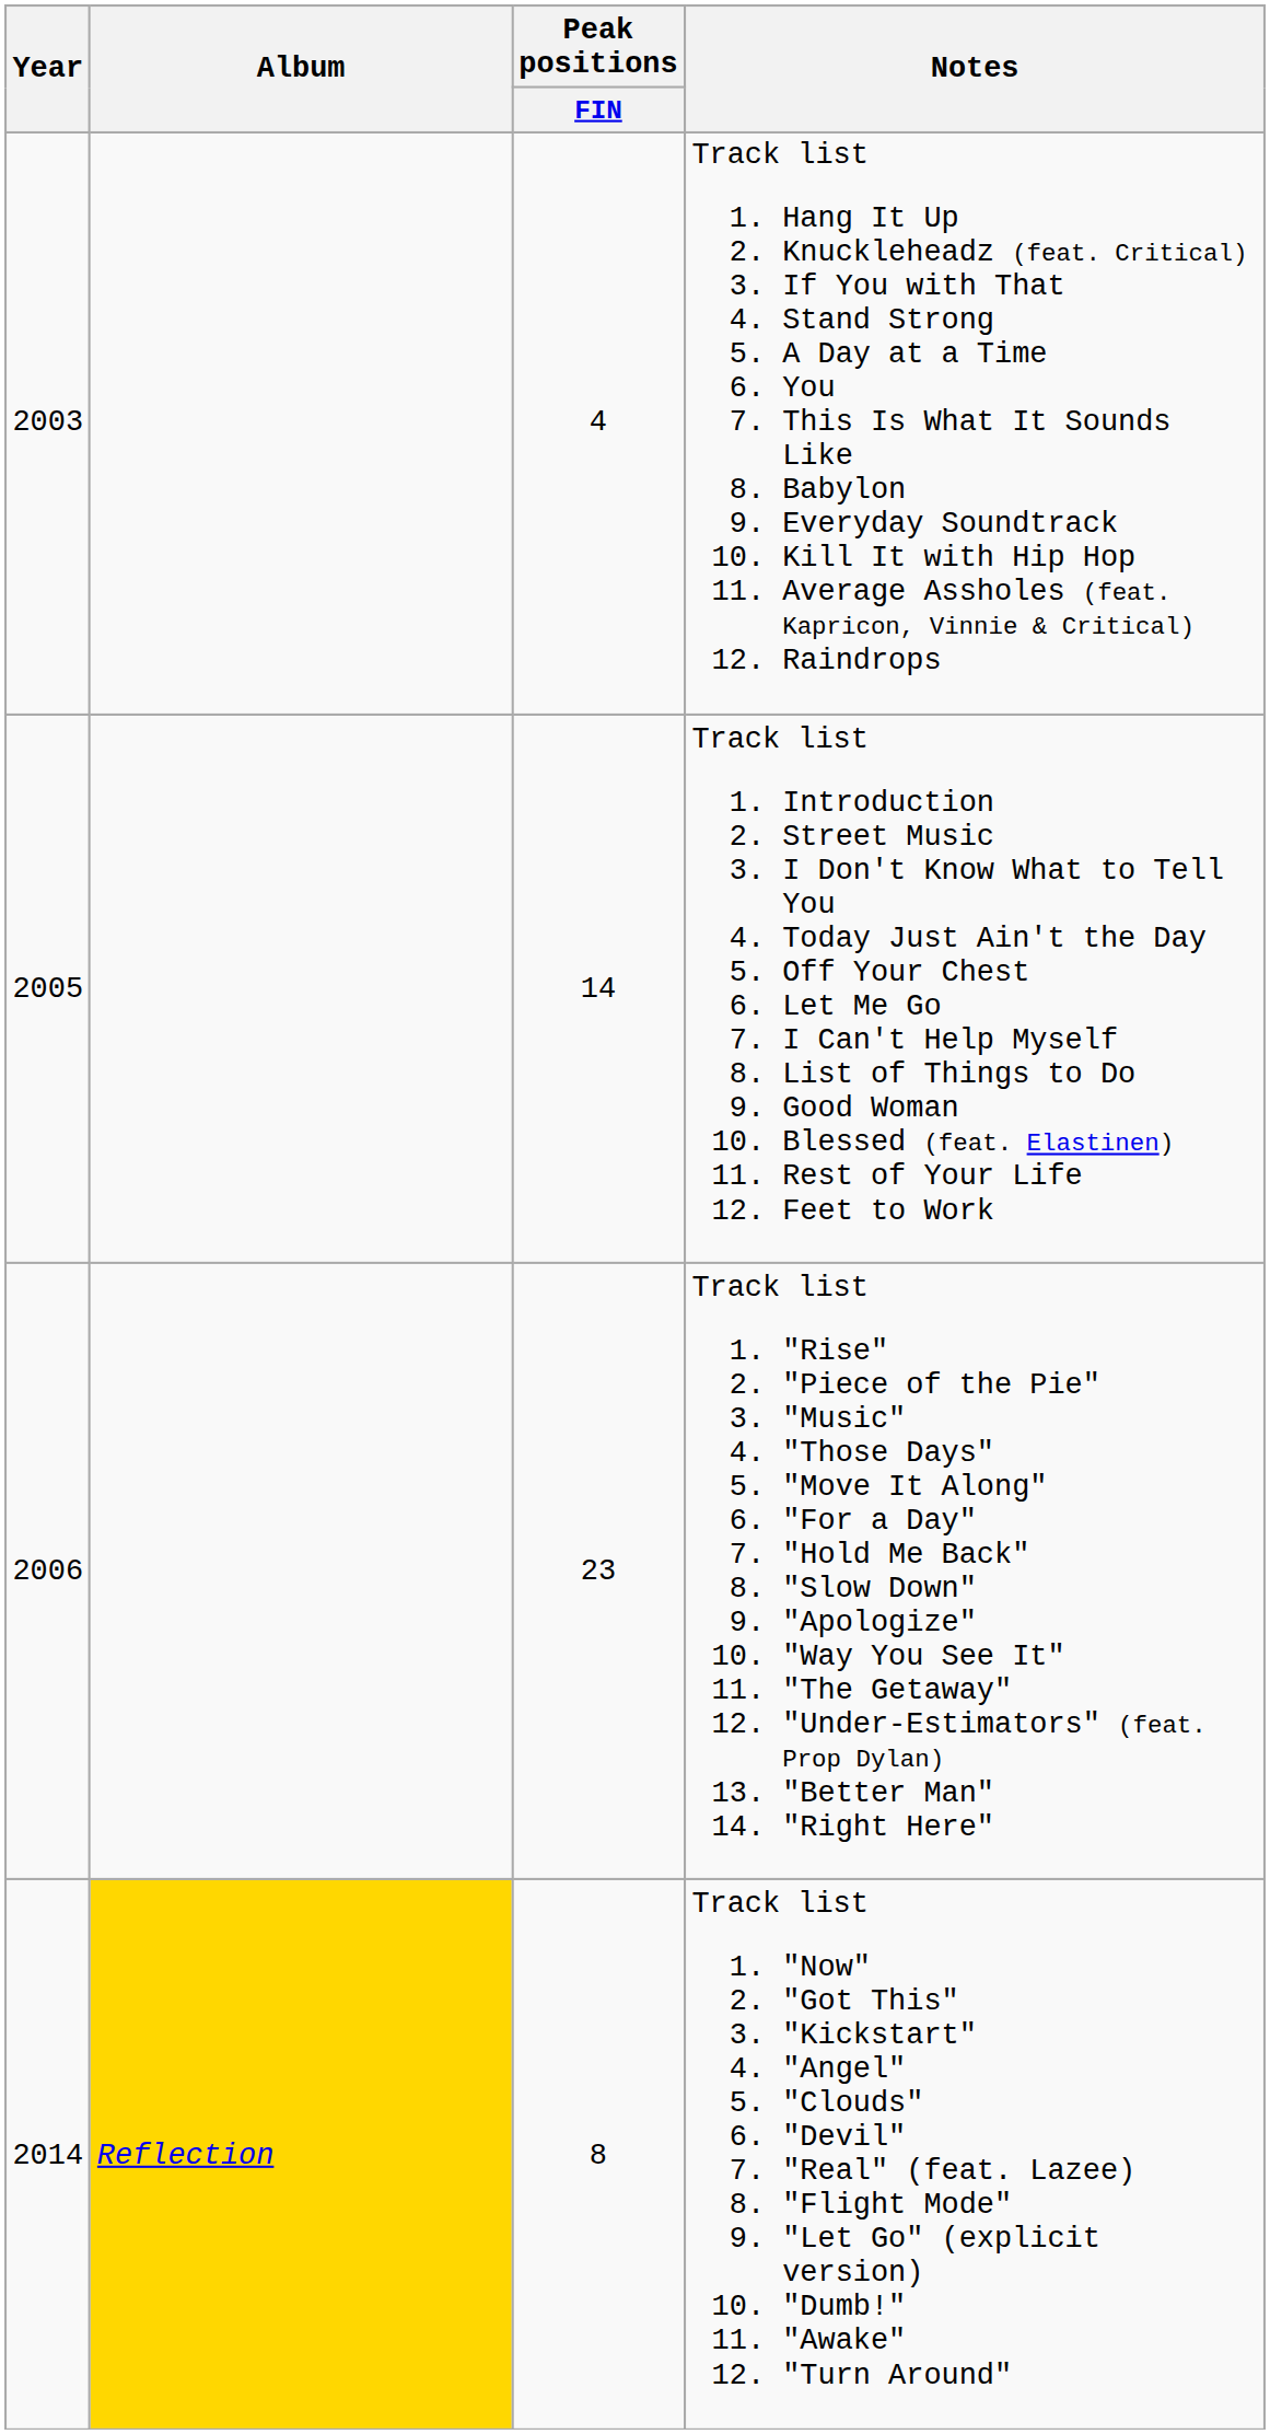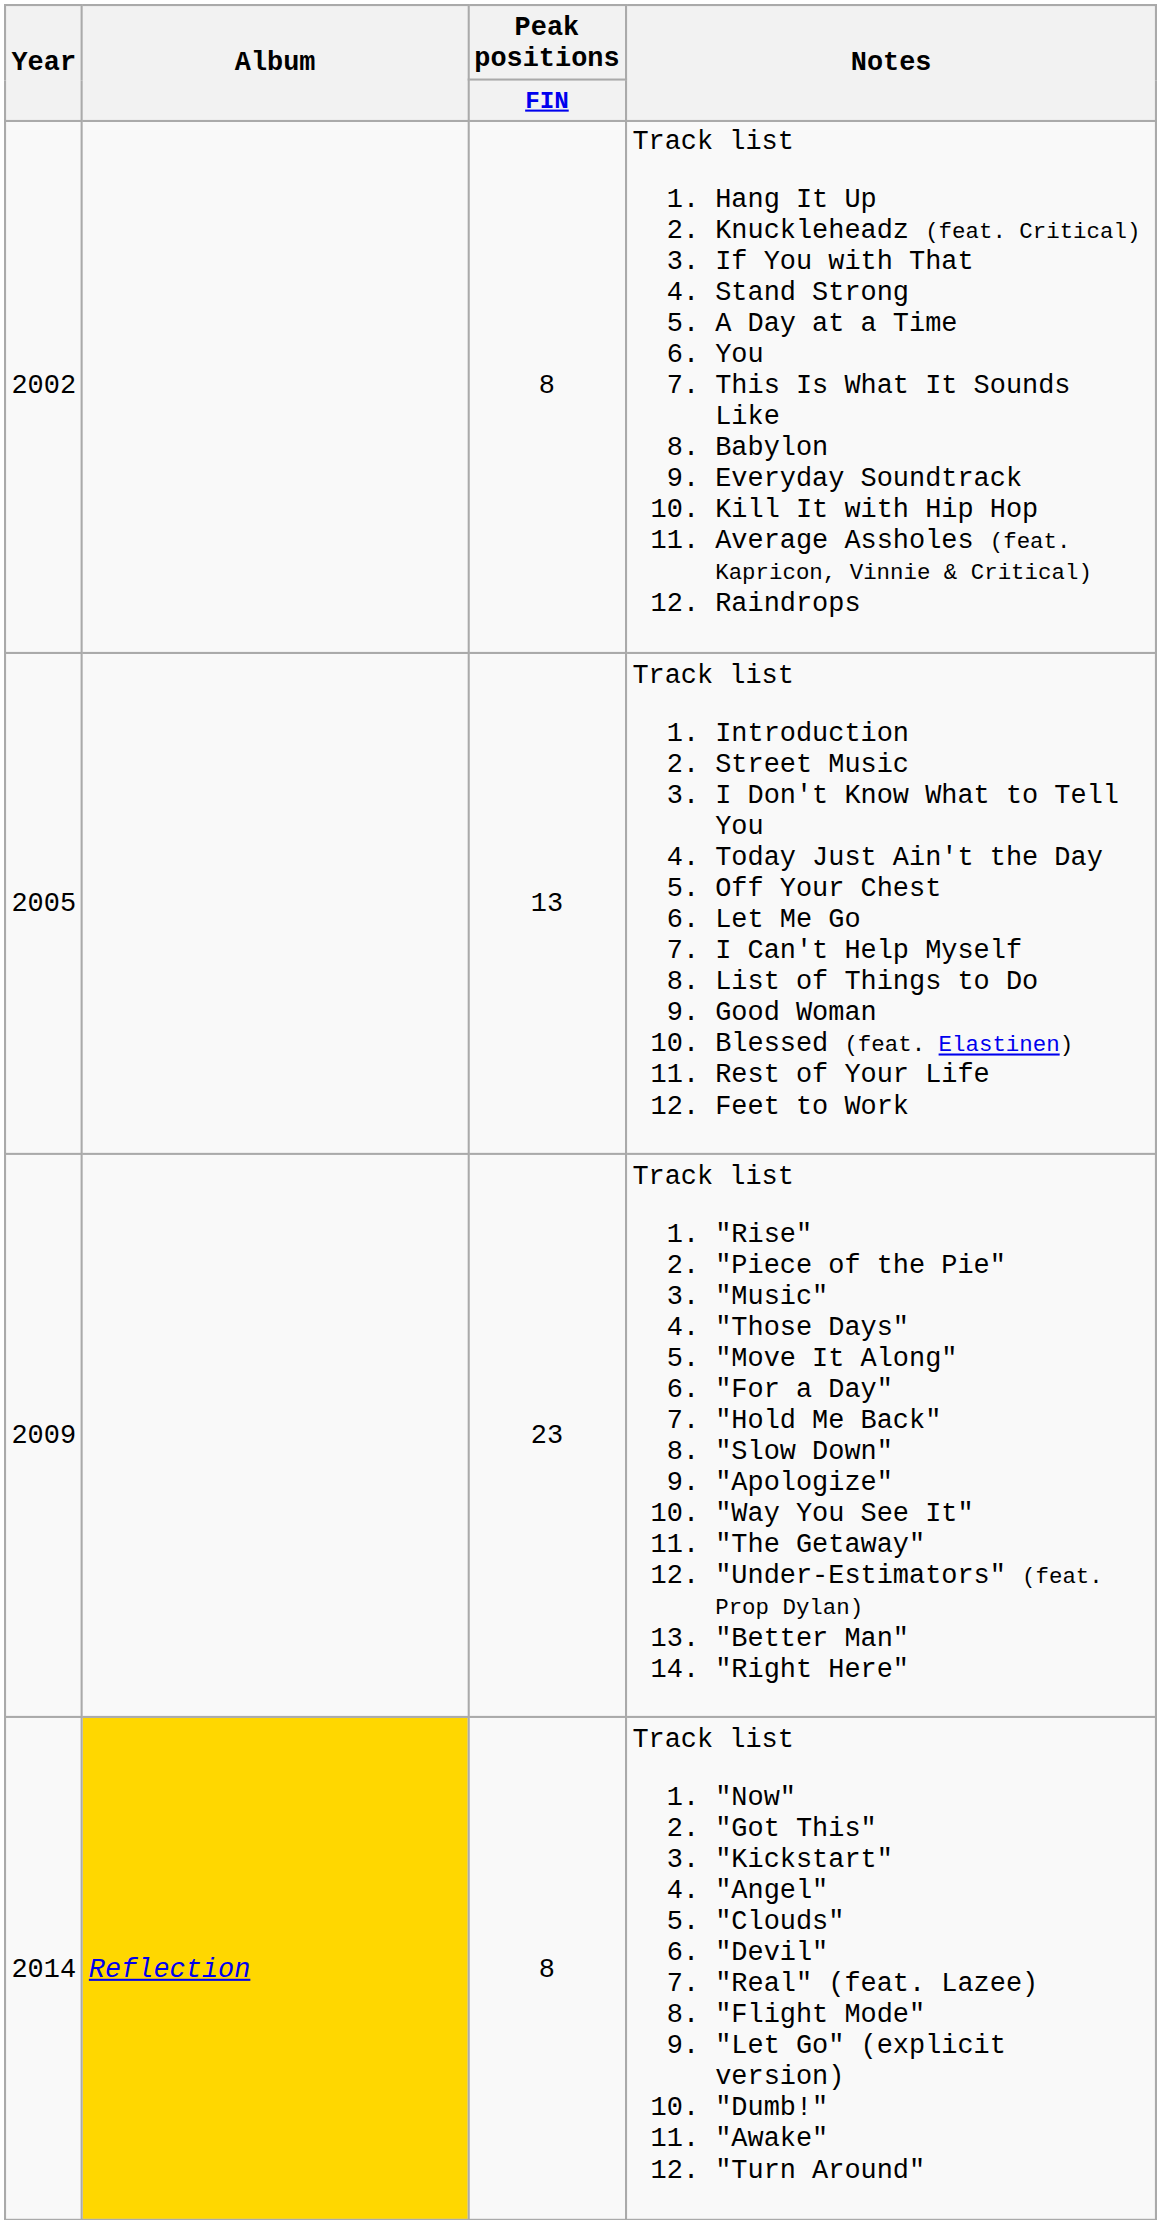 <table class="wikitable">
 <tr>
 <th align="center" rowspan="2" width="10">Year</th>
 <th align="center" rowspan="2" width="180">Album</th>
 <th align="center" colspan="1" width="20">Peak positions</th>
 <th align="center" rowspan="2" width="250">Notes</th>
 </tr>
 <tr>
 <th scope="col" style="width:3em;font-size:90%;"><a href='#'>FIN</a><br></th>
 </tr>
 <tr>
-<td style="text-align:center;">2003</td>
+<td style="text-align:center;">2002</td>
 <td><em></em></td>
-<td style="text-align:center;">4</td>
+<td style="text-align:center;">8</td>
 <td>Track list<br><ol><li>Hang It Up</li><li>Knuckleheadz <small>(feat. Critical)</small></li><li>If You with That</li><li>Stand Strong</li><li>A Day at a Time</li><li>You</li><li>This Is What It Sounds Like</li><li>Babylon</li><li>Everyday Soundtrack</li><li>Kill It with Hip Hop</li><li>Average Assholes <small>(feat. Kapricon, Vinnie & Critical)</small></li><li>Raindrops</li></ol></td>
 </tr>
 <tr>
 <td style="text-align:center;">2005</td>
 <td><em></em></td>
-<td style="text-align:center;">14</td>
+<td style="text-align:center;">13</td>
 <td>Track list<br><ol><li>Introduction</li><li>Street Music</li><li>I Don't Know What to Tell You</li><li>Today Just Ain't the Day</li><li>Off Your Chest</li><li>Let Me Go</li><li>I Can't Help Myself</li><li>List of Things to Do</li><li>Good Woman</li><li>Blessed <small>(feat. <a href='#'>Elastinen</a>)</small></li><li>Rest of Your Life</li><li>Feet to Work</li></ol></td>
 </tr>
 <tr>
-<td style="text-align:center;">2006</td>
+<td style="text-align:center;">2009</td>
 <td><em></em></td>
 <td style="text-align:center;">23</td>
 <td>Track list<br><ol><li>"Rise"</li><li>"Piece of the Pie"</li><li>"Music"</li><li>"Those Days"</li><li>"Move It Along"</li><li>"For a Day"</li><li>"Hold Me Back"</li><li>"Slow Down"</li><li>"Apologize"</li><li>"Way You See It"</li><li>"The Getaway"</li><li>"Under-Estimators" <small>(feat. Prop Dylan)</small></li><li>"Better Man"</li><li>"Right Here"</li></ol></td>
 </tr>
 <tr>
 <td style="text-align:center;">2014</td>
 <td style="background: gold;"><em><a href='#'>Reflection</a></em></td>
 <td style="text-align:center;">8</td>
 <td>Track list<br><ol><li>"Now"</li><li>"Got This"</li><li>"Kickstart"</li><li>"Angel"</li><li>"Clouds"</li><li>"Devil"</li><li>"Real" (feat. Lazee)</li><li>"Flight Mode"</li><li>"Let Go" (explicit version)</li><li>"Dumb!"</li><li>"Awake"</li><li>"Turn Around"</li></ol></td>
 </tr>
 <tr>
 </tr>
 </table>
